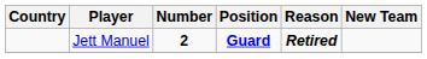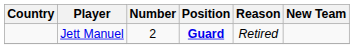 <table class="wikitable sortable sortable">
 <tr>
 <th>Country</th>
 <th>Player</th>
 <th>Number</th>
 <th>Position</th>
 <th>Reason</th>
 <th>New Team</th>
 </tr>
 <tr>
 <td align=center></td>
 <td align=center><a href='#'>Jett Manuel</a></td>
-<td align=center><strong>2</strong></td>
+<td align=center>2</td>
 <td align=center><strong><a href='#'>Guard</a></strong></td>
-<td align=center><strong><em>Retired</em></strong></td>
+<td align=center><em>Retired</em></td>
 <td></td>
 </tr>
 <tr>
 </tr>
 </table>
